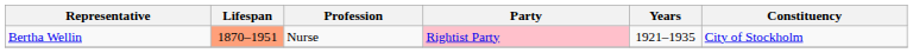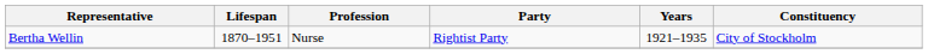 <table class="wikitable">
 <tr>
 <th style="width:15em">Representative</th>
 <th style="width:5em">Lifespan</th>
 <th style="width:10em">Profession</th>
 <th style="width:15em">Party</th>
 <th style="width:5em">Years</th>
 <th style="width:15em">Constituency</th>
 </tr>
 <tr>
 <td><a href='#'>Bertha Wellin</a></td>
-<td align=center style="background: lightsalmon;">1870–1951</td>
+<td align=center>1870–1951</td>
 <td>Nurse</td>
-<td style="background: pink;"> <a href='#'>Rightist Party</a></td>
+<td> <a href='#'>Rightist Party</a></td>
 <td align=center>1921–1935</td>
 <td><a href='#'>City of Stockholm</a></td>
 </tr>
 <tr>
 </tr>
 </table>
